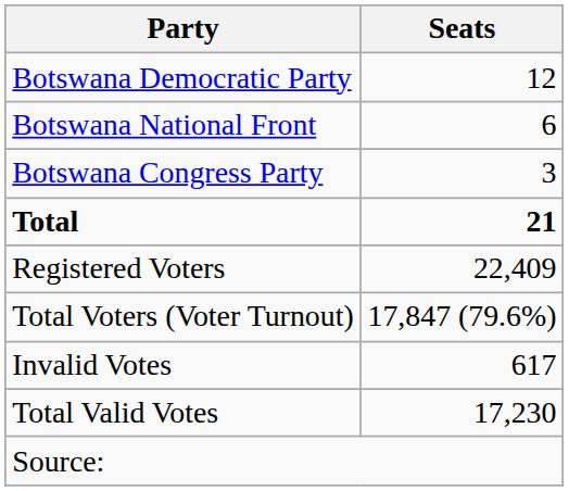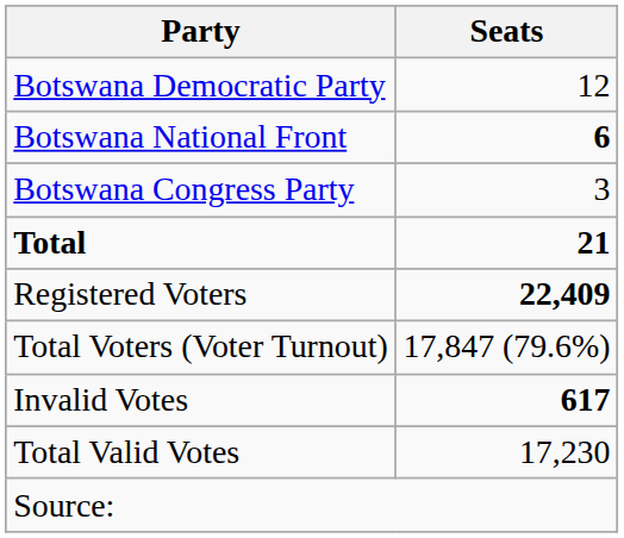 <table class=wikitable style=text-align:right>
 <tr>
 <th>Party</th>
 <th>Seats</th>
 </tr>
 <tr>
 <td align=left><a href='#'>Botswana Democratic Party</a></td>
 <td>12</td>
 </tr>
 <tr>
 <td align=left><a href='#'>Botswana National Front</a></td>
-<td>6</td>
+<td><strong>6</strong></td>
 </tr>
 <tr>
 <td align=left><a href='#'>Botswana Congress Party</a></td>
 <td>3</td>
 </tr>
 <tr>
 <td align=left><strong>Total</strong></td>
 <td><strong>21</strong></td>
 </tr>
 <tr>
 <td align=left>Registered Voters</td>
-<td>22,409</td>
+<td><strong>22,409</strong></td>
 </tr>
 <tr>
 <td align=left>Total Voters (Voter Turnout)</td>
 <td>17,847 (79.6%)</td>
 </tr>
 <tr>
 <td align=left>Invalid Votes</td>
-<td>617</td>
+<td><strong>617</strong></td>
 </tr>
 <tr>
 <td align=left>Total Valid Votes</td>
 <td>17,230</td>
 </tr>
 <tr>
 <td colspan=4 align=left>Source: </td>
 </tr>
 </table>
